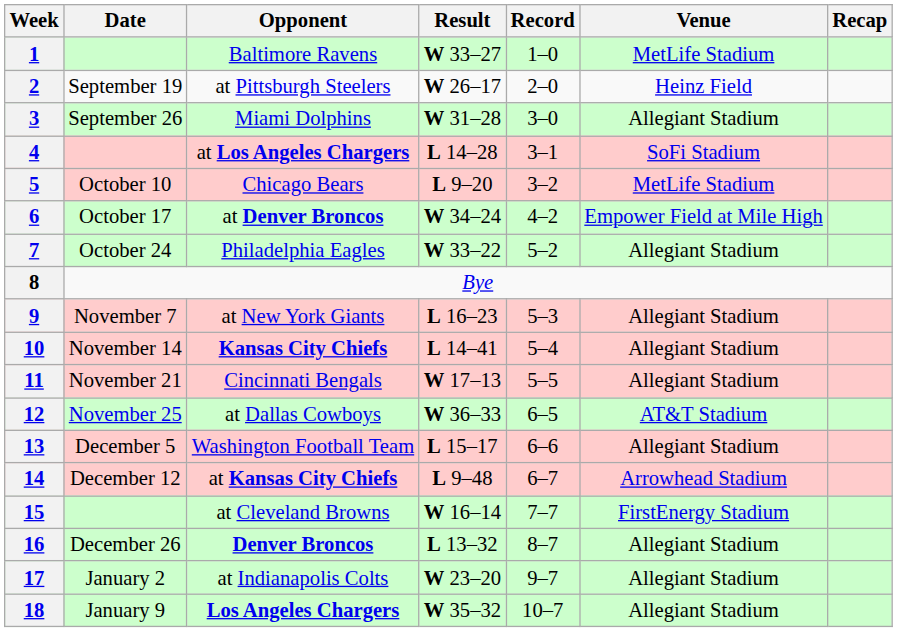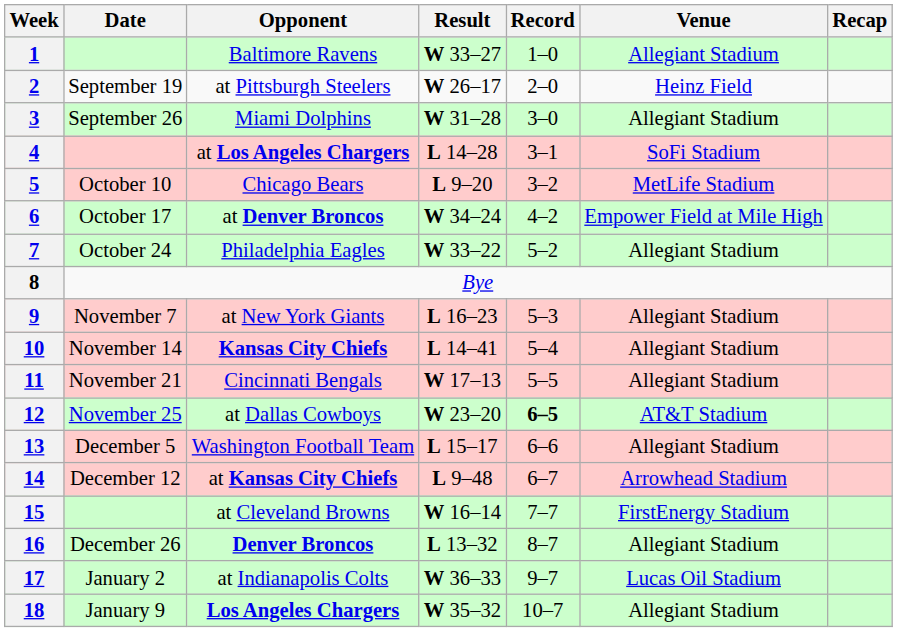 <table class="wikitable" style="text-align:center">
 <tr>
 <th>Week</th>
 <th>Date</th>
 <th>Opponent</th>
 <th>Result</th>
 <th>Record</th>
 <th>Venue</th>
 <th>Recap</th>
 </tr>
 <tr style="background:#cfc">
 <th><a href='#'>1</a></th>
 <td></td>
 <td><a href='#'>Baltimore Ravens</a></td>
 <td><strong>W</strong> 33–27 </td>
 <td>1–0</td>
-<td><a href='#'>MetLife Stadium</a></td>
+<td><a href='#'>Allegiant Stadium</a></td>
 <td></td>
 </tr>
 <tr -style="background:#cfc">
 <th><a href='#'>2</a></th>
 <td>September 19</td>
 <td>at <a href='#'>Pittsburgh Steelers</a></td>
 <td><strong>W</strong> 26–17</td>
 <td>2–0</td>
 <td><a href='#'>Heinz Field</a></td>
 <td></td>
 </tr>
 <tr style="background:#cfc">
 <th><a href='#'>3</a></th>
 <td>September 26</td>
 <td><a href='#'>Miami Dolphins</a></td>
 <td><strong>W</strong> 31–28 </td>
 <td>3–0</td>
 <td>Allegiant Stadium</td>
 <td></td>
 </tr>
 <tr style="background:#fcc">
 <th><a href='#'>4</a></th>
 <td></td>
 <td>at <strong><a href='#'>Los Angeles Chargers</a></strong></td>
 <td><strong>L</strong> 14–28</td>
 <td>3–1</td>
 <td><a href='#'>SoFi Stadium</a></td>
 <td></td>
 </tr>
 <tr style="background:#fcc">
 <th><a href='#'>5</a></th>
 <td>October 10</td>
 <td><a href='#'>Chicago Bears</a></td>
 <td><strong>L</strong> 9–20</td>
 <td>3–2</td>
 <td><a href='#'>MetLife Stadium</a></td>
 <td></td>
 </tr>
 <tr style="background:#cfc">
 <th><a href='#'>6</a></th>
 <td>October 17</td>
 <td>at <strong><a href='#'>Denver Broncos</a></strong></td>
 <td><strong>W</strong> 34–24</td>
 <td>4–2</td>
 <td><a href='#'>Empower Field at Mile High</a></td>
 <td></td>
 </tr>
 <tr style="background:#cfc">
 <th><a href='#'>7</a></th>
 <td>October 24</td>
 <td><a href='#'>Philadelphia Eagles</a></td>
 <td><strong>W</strong> 33–22</td>
 <td>5–2</td>
 <td>Allegiant Stadium</td>
 <td></td>
 </tr>
 <tr>
 <th>8</th>
 <td colspan="6"><em><a href='#'>Bye</a></em></td>
 </tr>
 <tr style="background:#fcc">
 <th><a href='#'>9</a></th>
 <td>November 7</td>
 <td>at <a href='#'>New York Giants</a></td>
 <td><strong>L</strong> 16–23</td>
 <td>5–3</td>
 <td>Allegiant Stadium</td>
 <td></td>
 </tr>
 <tr style="background:#fcc">
 <th><a href='#'>10</a></th>
 <td>November 14</td>
 <td><strong><a href='#'>Kansas City Chiefs</a></strong></td>
 <td><strong>L</strong> 14–41</td>
 <td>5–4</td>
 <td>Allegiant Stadium</td>
 <td></td>
 </tr>
 <tr style="background:#fcc">
 <th><a href='#'>11</a></th>
 <td>November 21</td>
 <td><a href='#'>Cincinnati Bengals</a></td>
 <td><strong>W</strong> 17–13</td>
 <td>5–5</td>
 <td>Allegiant Stadium</td>
 <td></td>
 </tr>
 <tr style="background:#cfc">
 <th><a href='#'>12</a></th>
 <td><a href='#'>November 25</a></td>
 <td>at <a href='#'>Dallas Cowboys</a></td>
-<td><strong>W</strong> 36–33 </td>
-<td>6–5</td>
+<td><strong>W</strong> 23–20</td>
+<td><strong>6–5</strong></td>
 <td><a href='#'>AT&T Stadium</a></td>
 <td></td>
 </tr>
 <tr style="background:#fcc">
 <th><a href='#'>13</a></th>
 <td>December 5</td>
 <td><a href='#'>Washington Football Team</a></td>
 <td><strong>L</strong> 15–17</td>
 <td>6–6</td>
 <td>Allegiant Stadium</td>
 <td></td>
 </tr>
 <tr style="background:#fcc">
 <th><a href='#'>14</a></th>
 <td>December 12</td>
 <td>at <strong><a href='#'>Kansas City Chiefs</a></strong></td>
 <td><strong>L</strong> 9–48</td>
 <td>6–7</td>
 <td><a href='#'>Arrowhead Stadium</a></td>
 <td></td>
 </tr>
 <tr style="background:#cfc">
 <th><a href='#'>15</a></th>
 <td></td>
 <td>at <a href='#'>Cleveland Browns</a></td>
 <td><strong>W</strong> 16–14</td>
 <td>7–7</td>
 <td><a href='#'>FirstEnergy Stadium</a></td>
 <td></td>
 </tr>
 <tr style="background:#cfc">
 <th><a href='#'>16</a></th>
 <td>December 26</td>
 <td><strong><a href='#'>Denver Broncos</a></strong></td>
 <td><strong>L</strong> 13–32</td>
 <td>8–7</td>
 <td>Allegiant Stadium</td>
 <td></td>
 </tr>
 <tr style="background:#cfc">
 <th><a href='#'>17</a></th>
 <td>January 2</td>
 <td>at <a href='#'>Indianapolis Colts</a></td>
-<td><strong>W</strong> 23–20</td>
+<td><strong>W</strong> 36–33 </td>
 <td>9–7</td>
-<td>Allegiant Stadium</td>
+<td><a href='#'>Lucas Oil Stadium</a></td>
 <td></td>
 </tr>
 <tr style="background:#cfc">
 <th><a href='#'>18</a></th>
 <td>January 9</td>
 <td><strong><a href='#'>Los Angeles Chargers</a></strong></td>
 <td><strong>W</strong> 35–32 </td>
 <td>10–7</td>
 <td>Allegiant Stadium</td>
 <td></td>
 </tr>
 </table>
